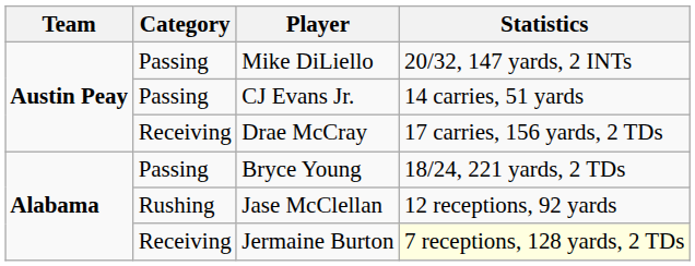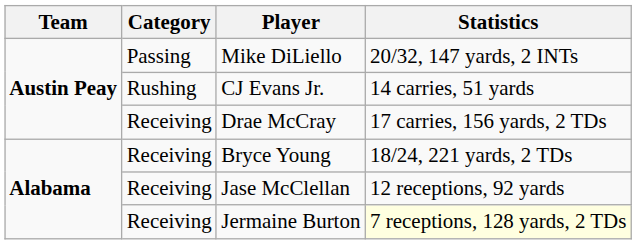 <table class="wikitable" style="float: right;">
 <tr>
 <th>Team</th>
 <th>Category</th>
 <th>Player</th>
 <th>Statistics</th>
 </tr>
 <tr>
 <td rowspan=3><strong>Austin Peay</strong></td>
 <td>Passing</td>
 <td>Mike DiLiello</td>
 <td>20/32, 147 yards, 2 INTs</td>
 </tr>
 <tr>
-<td>Passing</td>
+<td>Rushing</td>
 <td>CJ Evans Jr.</td>
 <td>14 carries, 51 yards</td>
 </tr>
 <tr>
 <td>Receiving</td>
 <td>Drae McCray</td>
 <td>17 carries, 156 yards, 2 TDs</td>
 </tr>
 <tr>
 <td rowspan=3><strong>Alabama</strong></td>
-<td>Passing</td>
+<td>Receiving</td>
 <td>Bryce Young</td>
 <td>18/24, 221 yards, 2 TDs</td>
 </tr>
 <tr>
-<td>Rushing</td>
+<td>Receiving</td>
 <td>Jase McClellan</td>
 <td>12 receptions, 92 yards</td>
 </tr>
 <tr>
 <td>Receiving</td>
 <td>Jermaine Burton</td>
 <td style="background: lightyellow;">7 receptions, 128 yards, 2 TDs</td>
 </tr>
 </table>
